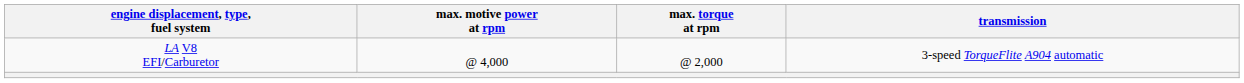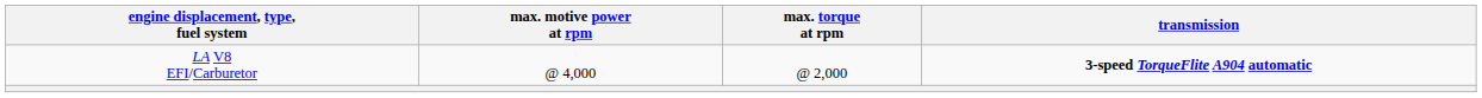 <table class="wikitable" style="text-align:center; width:100%;">
 <tr>
 <th><a href='#'>engine displacement</a>, <a href='#'>type</a>,<br>fuel system</th>
 <th>max. motive <a href='#'>power</a><br>at <a href='#'>rpm</a><br></th>
 <th>max. <a href='#'>torque</a><br>at rpm</th>
 <th><a href='#'>transmission</a></th>
 </tr>
 <tr>
 <td> <em><a href='#'>LA</a></em> <a href='#'>V8</a><br><a href='#'>EFI</a>/<a href='#'>Carburetor</a></td>
 <td><br>@ 4,000</td>
 <td><br>@ 2,000</td>
-<td>3-speed <em><a href='#'>TorqueFlite</a> <a href='#'>A904</a></em> <a href='#'>automatic</a></td>
+<td><strong>3-speed <em><a href='#'>TorqueFlite</a> <a href='#'>A904</a></em> <a href='#'>automatic</a></strong></td>
 </tr>
 <tr>
 <th colspan=4></th>
 </tr>
 </table>
